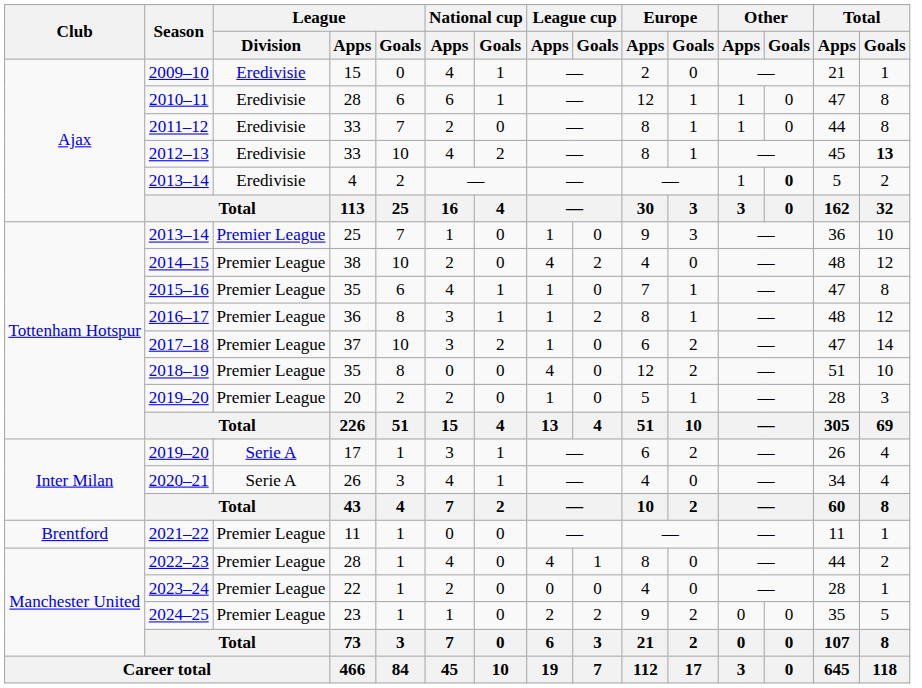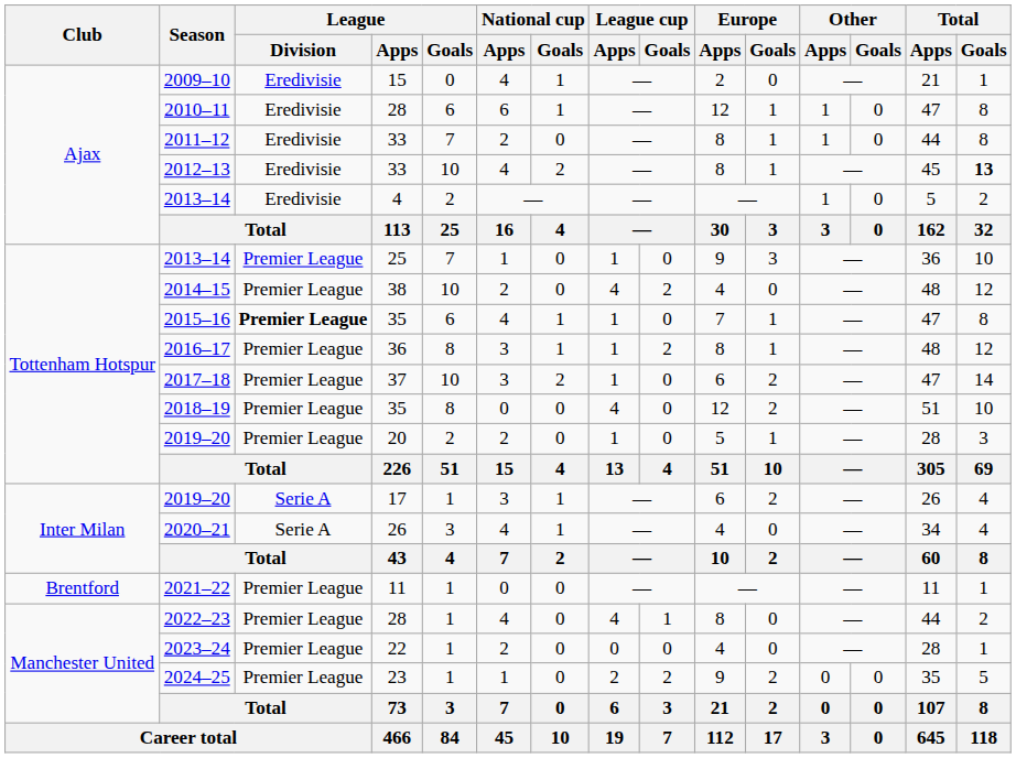 <table class=wikitable style=text-align:center>
 <tr>
 <th rowspan=2>Club</th>
 <th rowspan=2>Season</th>
 <th colspan=3>League</th>
 <th colspan=2>National cup</th>
 <th colspan=2>League cup</th>
 <th colspan=2>Europe</th>
 <th colspan=2>Other</th>
 <th colspan=2>Total</th>
 </tr>
 <tr>
 <th>Division</th>
 <th>Apps</th>
 <th>Goals</th>
 <th>Apps</th>
 <th>Goals</th>
 <th>Apps</th>
 <th>Goals</th>
 <th>Apps</th>
 <th>Goals</th>
 <th>Apps</th>
 <th>Goals</th>
 <th>Apps</th>
 <th>Goals</th>
 </tr>
 <tr>
 <td rowspan=6><a href='#'>Ajax</a></td>
 <td><a href='#'>2009–10</a></td>
 <td><a href='#'>Eredivisie</a></td>
 <td>15</td>
 <td>0</td>
 <td>4</td>
 <td>1</td>
 <td colspan=2>—</td>
 <td>2</td>
 <td>0</td>
 <td colspan=2>—</td>
 <td>21</td>
 <td>1</td>
 </tr>
 <tr>
 <td><a href='#'>2010–11</a></td>
 <td>Eredivisie</td>
 <td>28</td>
 <td>6</td>
 <td>6</td>
 <td>1</td>
 <td colspan=2>—</td>
 <td>12</td>
 <td>1</td>
 <td>1</td>
 <td>0</td>
 <td>47</td>
 <td>8</td>
 </tr>
 <tr>
 <td><a href='#'>2011–12</a></td>
 <td>Eredivisie</td>
 <td>33</td>
 <td>7</td>
 <td>2</td>
 <td>0</td>
 <td colspan=2>—</td>
 <td>8</td>
 <td>1</td>
 <td>1</td>
 <td>0</td>
 <td>44</td>
 <td>8</td>
 </tr>
 <tr>
 <td><a href='#'>2012–13</a></td>
 <td>Eredivisie</td>
 <td>33</td>
 <td>10</td>
 <td>4</td>
 <td>2</td>
 <td colspan=2>—</td>
 <td>8</td>
 <td>1</td>
 <td colspan=2>—</td>
 <td>45</td>
 <td><strong>13</strong></td>
 </tr>
 <tr>
 <td><a href='#'>2013–14</a></td>
 <td>Eredivisie</td>
 <td>4</td>
 <td>2</td>
 <td colspan=2>—</td>
 <td colspan=2>—</td>
 <td colspan=2>—</td>
 <td>1</td>
-<td><strong>0</strong></td>
+<td>0</td>
 <td>5</td>
 <td>2</td>
 </tr>
 <tr>
 <th colspan=2>Total</th>
 <th>113</th>
 <th>25</th>
 <th>16</th>
 <th>4</th>
 <th colspan=2>—</th>
 <th>30</th>
 <th>3</th>
 <th>3</th>
 <th>0</th>
 <th>162</th>
 <th>32</th>
 </tr>
 <tr>
 <td rowspan=8><a href='#'>Tottenham Hotspur</a></td>
 <td><a href='#'>2013–14</a></td>
 <td><a href='#'>Premier League</a></td>
 <td>25</td>
 <td>7</td>
 <td>1</td>
 <td>0</td>
 <td>1</td>
 <td>0</td>
 <td>9</td>
 <td>3</td>
 <td colspan=2>—</td>
 <td>36</td>
 <td>10</td>
 </tr>
 <tr>
 <td><a href='#'>2014–15</a></td>
 <td>Premier League</td>
 <td>38</td>
 <td>10</td>
 <td>2</td>
 <td>0</td>
 <td>4</td>
 <td>2</td>
 <td>4</td>
 <td>0</td>
 <td colspan=2>—</td>
 <td>48</td>
 <td>12</td>
 </tr>
 <tr>
 <td><a href='#'>2015–16</a></td>
-<td>Premier League</td>
+<td><strong>Premier League</strong></td>
 <td>35</td>
 <td>6</td>
 <td>4</td>
 <td>1</td>
 <td>1</td>
 <td>0</td>
 <td>7</td>
 <td>1</td>
 <td colspan=2>—</td>
 <td>47</td>
 <td>8</td>
 </tr>
 <tr>
 <td><a href='#'>2016–17</a></td>
 <td>Premier League</td>
 <td>36</td>
 <td>8</td>
 <td>3</td>
 <td>1</td>
 <td>1</td>
 <td>2</td>
 <td>8</td>
 <td>1</td>
 <td colspan=2>—</td>
 <td>48</td>
 <td>12</td>
 </tr>
 <tr>
 <td><a href='#'>2017–18</a></td>
 <td>Premier League</td>
 <td>37</td>
 <td>10</td>
 <td>3</td>
 <td>2</td>
 <td>1</td>
 <td>0</td>
 <td>6</td>
 <td>2</td>
 <td colspan=2>—</td>
 <td>47</td>
 <td>14</td>
 </tr>
 <tr>
 <td><a href='#'>2018–19</a></td>
 <td>Premier League</td>
 <td>35</td>
 <td>8</td>
 <td>0</td>
 <td>0</td>
 <td>4</td>
 <td>0</td>
 <td>12</td>
 <td>2</td>
 <td colspan=2>—</td>
 <td>51</td>
 <td>10</td>
 </tr>
 <tr>
 <td><a href='#'>2019–20</a></td>
 <td>Premier League</td>
 <td>20</td>
 <td>2</td>
 <td>2</td>
 <td>0</td>
 <td>1</td>
 <td>0</td>
 <td>5</td>
 <td>1</td>
 <td colspan=2>—</td>
 <td>28</td>
 <td>3</td>
 </tr>
 <tr>
 <th colspan=2>Total</th>
 <th>226</th>
 <th>51</th>
 <th>15</th>
 <th>4</th>
 <th>13</th>
 <th>4</th>
 <th>51</th>
 <th>10</th>
 <th colspan=2>—</th>
 <th>305</th>
 <th>69</th>
 </tr>
 <tr>
 <td rowspan=3><a href='#'>Inter Milan</a></td>
 <td><a href='#'>2019–20</a></td>
 <td><a href='#'>Serie A</a></td>
 <td>17</td>
 <td>1</td>
 <td>3</td>
 <td>1</td>
 <td colspan=2>—</td>
 <td>6</td>
 <td>2</td>
 <td colspan=2>—</td>
 <td>26</td>
 <td>4</td>
 </tr>
 <tr>
 <td><a href='#'>2020–21</a></td>
 <td>Serie A</td>
 <td>26</td>
 <td>3</td>
 <td>4</td>
 <td>1</td>
 <td colspan=2>—</td>
 <td>4</td>
 <td>0</td>
 <td colspan=2>—</td>
 <td>34</td>
 <td>4</td>
 </tr>
 <tr>
 <th colspan=2>Total</th>
 <th>43</th>
 <th>4</th>
 <th>7</th>
 <th>2</th>
 <th colspan=2>—</th>
 <th>10</th>
 <th>2</th>
 <th colspan=2>—</th>
 <th>60</th>
 <th>8</th>
 </tr>
 <tr>
 <td><a href='#'>Brentford</a></td>
 <td><a href='#'>2021–22</a></td>
 <td>Premier League</td>
 <td>11</td>
 <td>1</td>
 <td>0</td>
 <td>0</td>
 <td colspan=2>—</td>
 <td colspan=2>—</td>
 <td colspan=2>—</td>
 <td>11</td>
 <td>1</td>
 </tr>
 <tr>
 <td rowspan=4><a href='#'>Manchester United</a></td>
 <td><a href='#'>2022–23</a></td>
 <td>Premier League</td>
 <td>28</td>
 <td>1</td>
 <td>4</td>
 <td>0</td>
 <td>4</td>
 <td>1</td>
 <td>8</td>
 <td>0</td>
 <td colspan=2>—</td>
 <td>44</td>
 <td>2</td>
 </tr>
 <tr>
 <td><a href='#'>2023–24</a></td>
 <td>Premier League</td>
 <td>22</td>
 <td>1</td>
 <td>2</td>
 <td>0</td>
 <td>0</td>
 <td>0</td>
 <td>4</td>
 <td>0</td>
 <td colspan=2>—</td>
 <td>28</td>
 <td>1</td>
 </tr>
 <tr>
 <td><a href='#'>2024–25</a></td>
 <td>Premier League</td>
 <td>23</td>
 <td>1</td>
 <td>1</td>
 <td>0</td>
 <td>2</td>
 <td>2</td>
 <td>9</td>
 <td>2</td>
 <td>0</td>
 <td>0</td>
 <td>35</td>
 <td>5</td>
 </tr>
 <tr>
 <th colspan=2>Total</th>
 <th>73</th>
 <th>3</th>
 <th>7</th>
 <th>0</th>
 <th>6</th>
 <th>3</th>
 <th>21</th>
 <th>2</th>
 <th>0</th>
 <th>0</th>
 <th>107</th>
 <th>8</th>
 </tr>
 <tr>
 <th colspan=3>Career total</th>
 <th>466</th>
 <th>84</th>
 <th>45</th>
 <th>10</th>
 <th>19</th>
 <th>7</th>
 <th>112</th>
 <th>17</th>
 <th>3</th>
 <th>0</th>
 <th>645</th>
 <th>118</th>
 </tr>
 </table>
